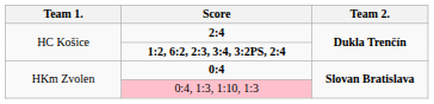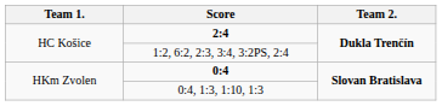 <table class="wikitable" style="text-align: center;">
 <tr>
 <th width="150"><strong>Team 1.</strong></th>
 <th width="250"><strong>Score</strong></th>
 <th width="150"><strong>Team 2.</strong></th>
 </tr>
 <tr>
 <td rowspan="2" valign="left">HC Košice</td>
 <td><strong>2:4</strong></td>
 <td rowspan="2" valign="left"><strong>Dukla Trenčín</strong></td>
 </tr>
 <tr>
-<td><strong>1:2, 6:2, 2:3, 3:4, 3:2PS, 2:4</strong></td>
+<td>1:2, 6:2, 2:3, 3:4, 3:2PS, 2:4</td>
 </tr>
 <tr>
 <td rowspan="2" valign="left">HKm Zvolen</td>
 <td><strong>0:4</strong></td>
 <td rowspan="2" valign="left"><strong>Slovan Bratislava</strong></td>
 </tr>
 <tr>
-<td style="background: pink;">0:4, 1:3, 1:10, 1:3</td>
+<td>0:4, 1:3, 1:10, 1:3</td>
 </tr>
 </table>
